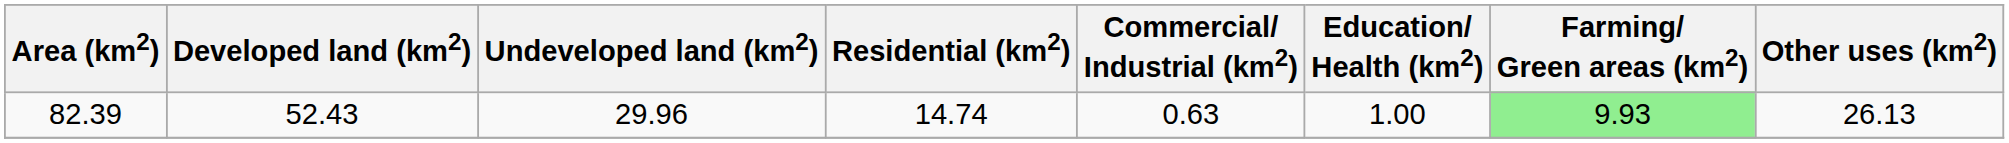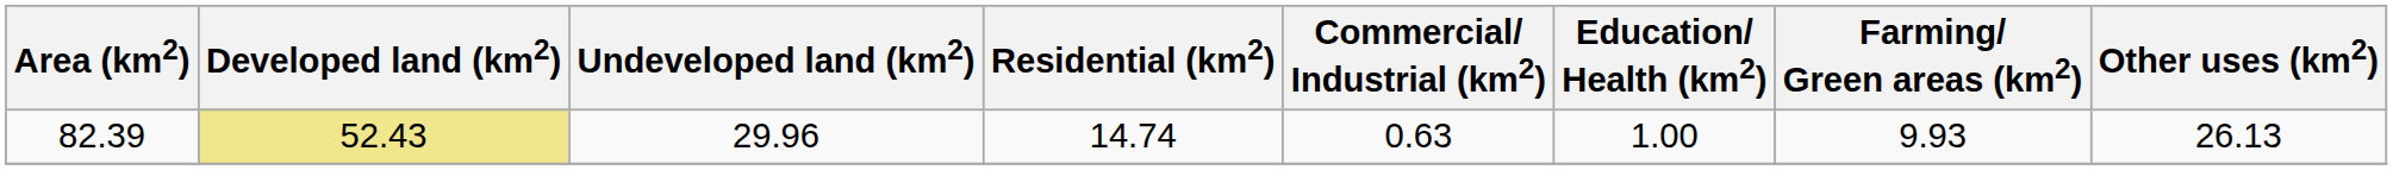 <table class="wikitable" style="text-align: center;">
 <tr>
 <th>Area (km<sup>2</sup>)</th>
 <th>Developed land (km<sup>2</sup>)</th>
 <th>Undeveloped land (km<sup>2</sup>)</th>
 <th>Residential (km<sup>2</sup>)</th>
 <th>Commercial/<br> Industrial (km<sup>2</sup>)</th>
 <th>Education/<br> Health (km<sup>2</sup>)</th>
 <th>Farming/<br> Green areas (km<sup>2</sup>)</th>
 <th>Other uses (km<sup>2</sup>)</th>
 </tr>
 <tr>
 <td>82.39</td>
-<td>52.43</td>
+<td style="background: khaki;">52.43</td>
 <td>29.96</td>
 <td>14.74</td>
 <td>0.63</td>
 <td>1.00</td>
-<td style="background: lightgreen;">9.93</td>
+<td>9.93</td>
 <td>26.13</td>
 </tr>
 <tr>
 </tr>
 </table>
